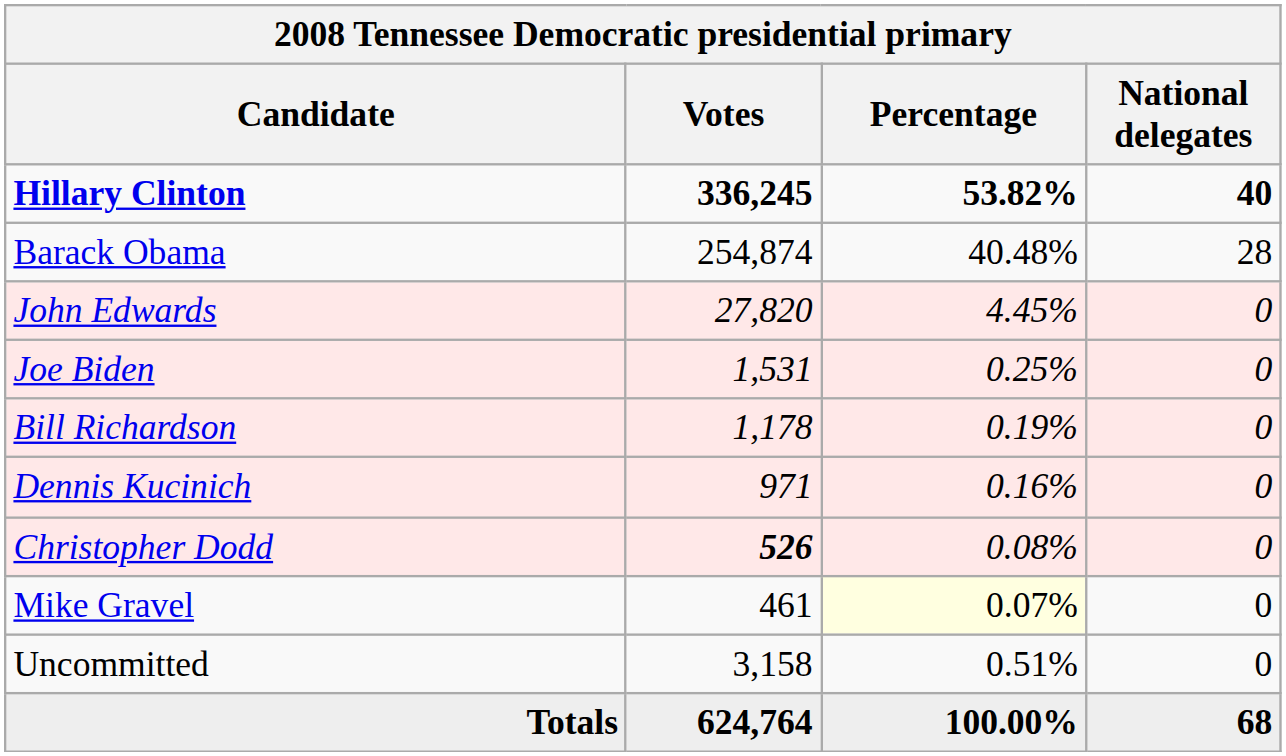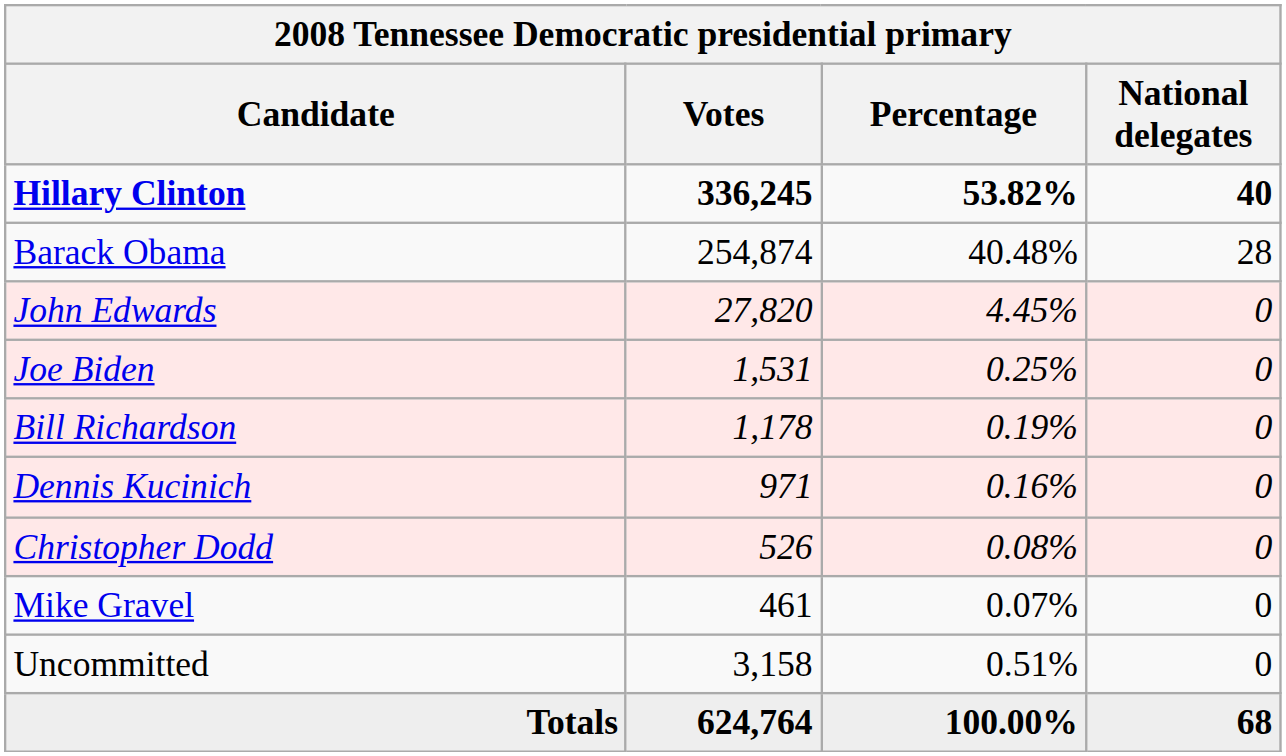 <table class="wikitable" style="font-size:95%; text-align:right;">
 <tr>
 <th colspan="4">2008 Tennessee Democratic presidential primary</th>
 </tr>
 <tr>
 <th style="width: 17em">Candidate</th>
 <th style="width: 5em">Votes</th>
 <th style="width: 7em">Percentage</th>
 <th style="width: 5em">National delegates</th>
 </tr>
 <tr>
 <td align="left"><strong><a href='#'>Hillary Clinton</a></strong></td>
 <td><strong>336,245</strong></td>
 <td><strong>53.82%</strong></td>
 <td><strong>40</strong></td>
 </tr>
 <tr>
 <td align="left"><a href='#'>Barack Obama</a></td>
 <td>254,874</td>
 <td>40.48%</td>
 <td>28</td>
 </tr>
 <tr bgcolor=#FFE8E8>
 <td align="left"><em><a href='#'>John Edwards</a></em></td>
 <td><em>27,820</em></td>
 <td><em>4.45%</em></td>
 <td><em>0</em></td>
 </tr>
 <tr bgcolor=#FFE8E8>
 <td align="left"><em><a href='#'>Joe Biden</a></em></td>
 <td><em>1,531</em></td>
 <td><em>0.25%</em></td>
 <td><em>0</em></td>
 </tr>
 <tr bgcolor=#FFE8E8>
 <td align="left"><em><a href='#'>Bill Richardson</a></em></td>
 <td><em>1,178</em></td>
 <td><em>0.19%</em></td>
 <td><em>0</em></td>
 </tr>
 <tr bgcolor=#FFE8E8>
 <td align="left"><em><a href='#'>Dennis Kucinich</a></em></td>
 <td><em>971</em></td>
 <td><em>0.16%</em></td>
 <td><em>0</em></td>
 </tr>
 <tr bgcolor=#FFE8E8>
 <td align="left"><em><a href='#'>Christopher Dodd</a></em></td>
-<td><strong><em>526</em></strong></td>
+<td><em>526</em></td>
 <td><em>0.08%</em></td>
 <td><em>0</em></td>
 </tr>
 <tr>
 <td align="left"><a href='#'>Mike Gravel</a></td>
 <td>461</td>
-<td style="background: lightyellow;">0.07%</td>
+<td>0.07%</td>
 <td>0</td>
 </tr>
 <tr>
 <td align="left">Uncommitted</td>
 <td>3,158</td>
 <td>0.51%</td>
 <td>0</td>
 </tr>
 <tr bgcolor="#EEEEEE" style="margin-right:0.5em">
 <td><strong>Totals</strong></td>
 <td><strong>624,764</strong></td>
 <td><strong>100.00%</strong></td>
 <td><strong>68</strong></td>
 </tr>
 </table>
